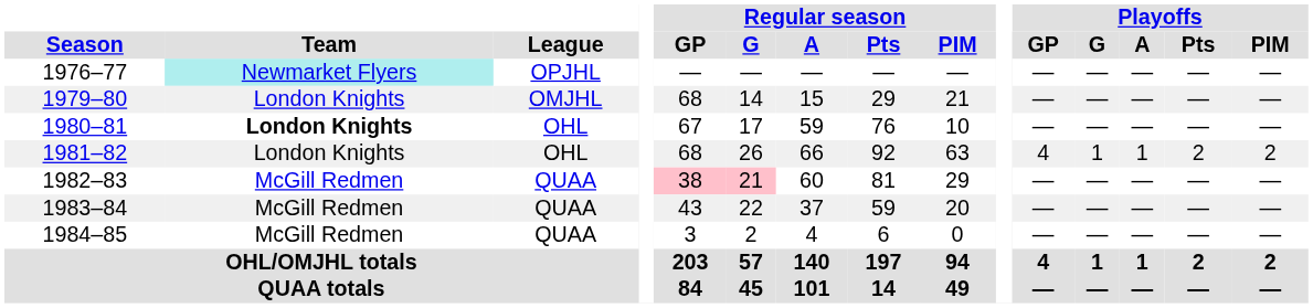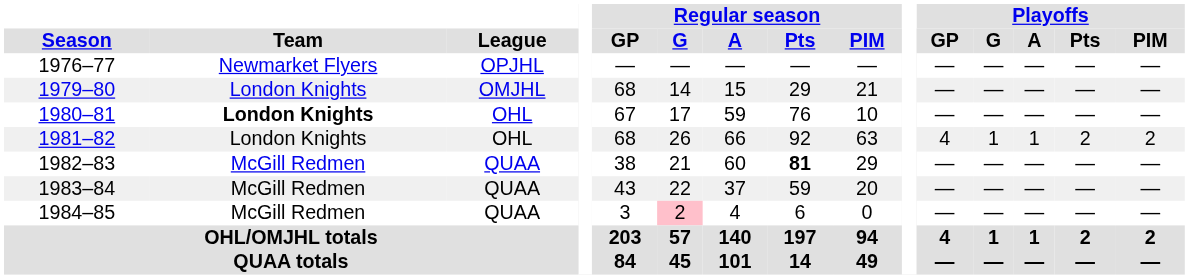 <table border="0" cellpadding="1" cellspacing="0" style="text-align:center; width:60em">
 <tr style="background:#e0e0e0;">
 <th colspan="3" style="background:#fff;"> </th>
 <th rowspan="99" style="background:#fff;"> </th>
 <th colspan="5"><a href='#'>Regular season</a></th>
 <th rowspan="99" style="background:#fff;"> </th>
 <th colspan="5"><a href='#'>Playoffs</a></th>
 </tr>
 <tr style="background:#e0e0e0;">
 <th><a href='#'>Season</a></th>
 <th>Team</th>
 <th>League</th>
 <th>GP</th>
 <th><a href='#'>G</a></th>
 <th><a href='#'>A</a></th>
 <th><a href='#'>Pts</a></th>
 <th><a href='#'>PIM</a></th>
 <th>GP</th>
 <th>G</th>
 <th>A</th>
 <th>Pts</th>
 <th>PIM</th>
 </tr>
 <tr style="text-align:center;">
 <td>1976–77</td>
-<td style="background: paleturquoise;"><a href='#'>Newmarket Flyers</a></td>
+<td><a href='#'>Newmarket Flyers</a></td>
 <td><a href='#'>OPJHL</a></td>
 <td>—</td>
 <td>—</td>
 <td>—</td>
 <td>—</td>
 <td>—</td>
 <td>—</td>
 <td>—</td>
 <td>—</td>
 <td>—</td>
 <td>—</td>
 </tr>
 <tr style="text-align:center; background:#f0f0f0;">
 <td><a href='#'>1979–80</a></td>
 <td><a href='#'>London Knights</a></td>
 <td><a href='#'>OMJHL</a></td>
 <td>68</td>
 <td>14</td>
 <td>15</td>
 <td>29</td>
 <td>21</td>
 <td>—</td>
 <td>—</td>
 <td>—</td>
 <td>—</td>
 <td>—</td>
 </tr>
 <tr style="text-align:center;">
 <td><a href='#'>1980–81</a></td>
 <td><strong>London Knights</strong></td>
 <td><a href='#'>OHL</a></td>
 <td>67</td>
 <td>17</td>
 <td>59</td>
 <td>76</td>
 <td>10</td>
 <td>—</td>
 <td>—</td>
 <td>—</td>
 <td>—</td>
 <td>—</td>
 </tr>
 <tr style="text-align:center; background:#f0f0f0;">
 <td><a href='#'>1981–82</a></td>
 <td>London Knights</td>
 <td>OHL</td>
 <td>68</td>
 <td>26</td>
 <td>66</td>
 <td>92</td>
 <td>63</td>
 <td>4</td>
 <td>1</td>
 <td>1</td>
 <td>2</td>
 <td>2</td>
 </tr>
 <tr style="text-align:center;">
 <td>1982–83</td>
 <td><a href='#'>McGill Redmen</a></td>
 <td><a href='#'>QUAA</a></td>
-<td style="background: pink;">38</td>
-<td style="background: pink;">21</td>
+<td>38</td>
+<td>21</td>
 <td>60</td>
-<td>81</td>
+<td><strong>81</strong></td>
 <td>29</td>
 <td>—</td>
 <td>—</td>
 <td>—</td>
 <td>—</td>
 <td>—</td>
 </tr>
 <tr style="text-align:center; background:#f0f0f0;">
 <td>1983–84</td>
 <td>McGill Redmen</td>
 <td>QUAA</td>
 <td>43</td>
 <td>22</td>
 <td>37</td>
 <td>59</td>
 <td>20</td>
 <td>—</td>
 <td>—</td>
 <td>—</td>
 <td>—</td>
 <td>—</td>
 </tr>
 <tr style="text-align:center;">
 <td>1984–85</td>
 <td>McGill Redmen</td>
 <td>QUAA</td>
 <td>3</td>
-<td>2</td>
+<td style="background: pink;">2</td>
 <td>4</td>
 <td>6</td>
 <td>0</td>
 <td>—</td>
 <td>—</td>
 <td>—</td>
 <td>—</td>
 <td>—</td>
 </tr>
 <tr style="text-align:center; background:#e0e0e0;">
 <th colspan="3">OHL/OMJHL totals</th>
 <th style="text-align:center;">203</th>
 <th style="text-align:center;">57</th>
 <th style="text-align:center;">140</th>
 <th style="text-align:center;">197</th>
 <th style="text-align:center;">94</th>
 <th style="text-align:center;">4</th>
 <th style="text-align:center;">1</th>
 <th style="text-align:center;">1</th>
 <th style="text-align:center;">2</th>
 <th style="text-align:center;">2</th>
 </tr>
 <tr style="text-align:center; background:#e0e0e0;">
 <th colspan="3">QUAA totals</th>
 <th style="text-align:center;">84</th>
 <th style="text-align:center;">45</th>
 <th style="text-align:center;">101</th>
 <th style="text-align:center;">14</th>
 <th style="text-align:center;">49</th>
 <th style="text-align:center;">—</th>
 <th style="text-align:center;">—</th>
 <th style="text-align:center;">—</th>
 <th style="text-align:center;">—</th>
 <th style="text-align:center;">—</th>
 </tr>
 </table>
